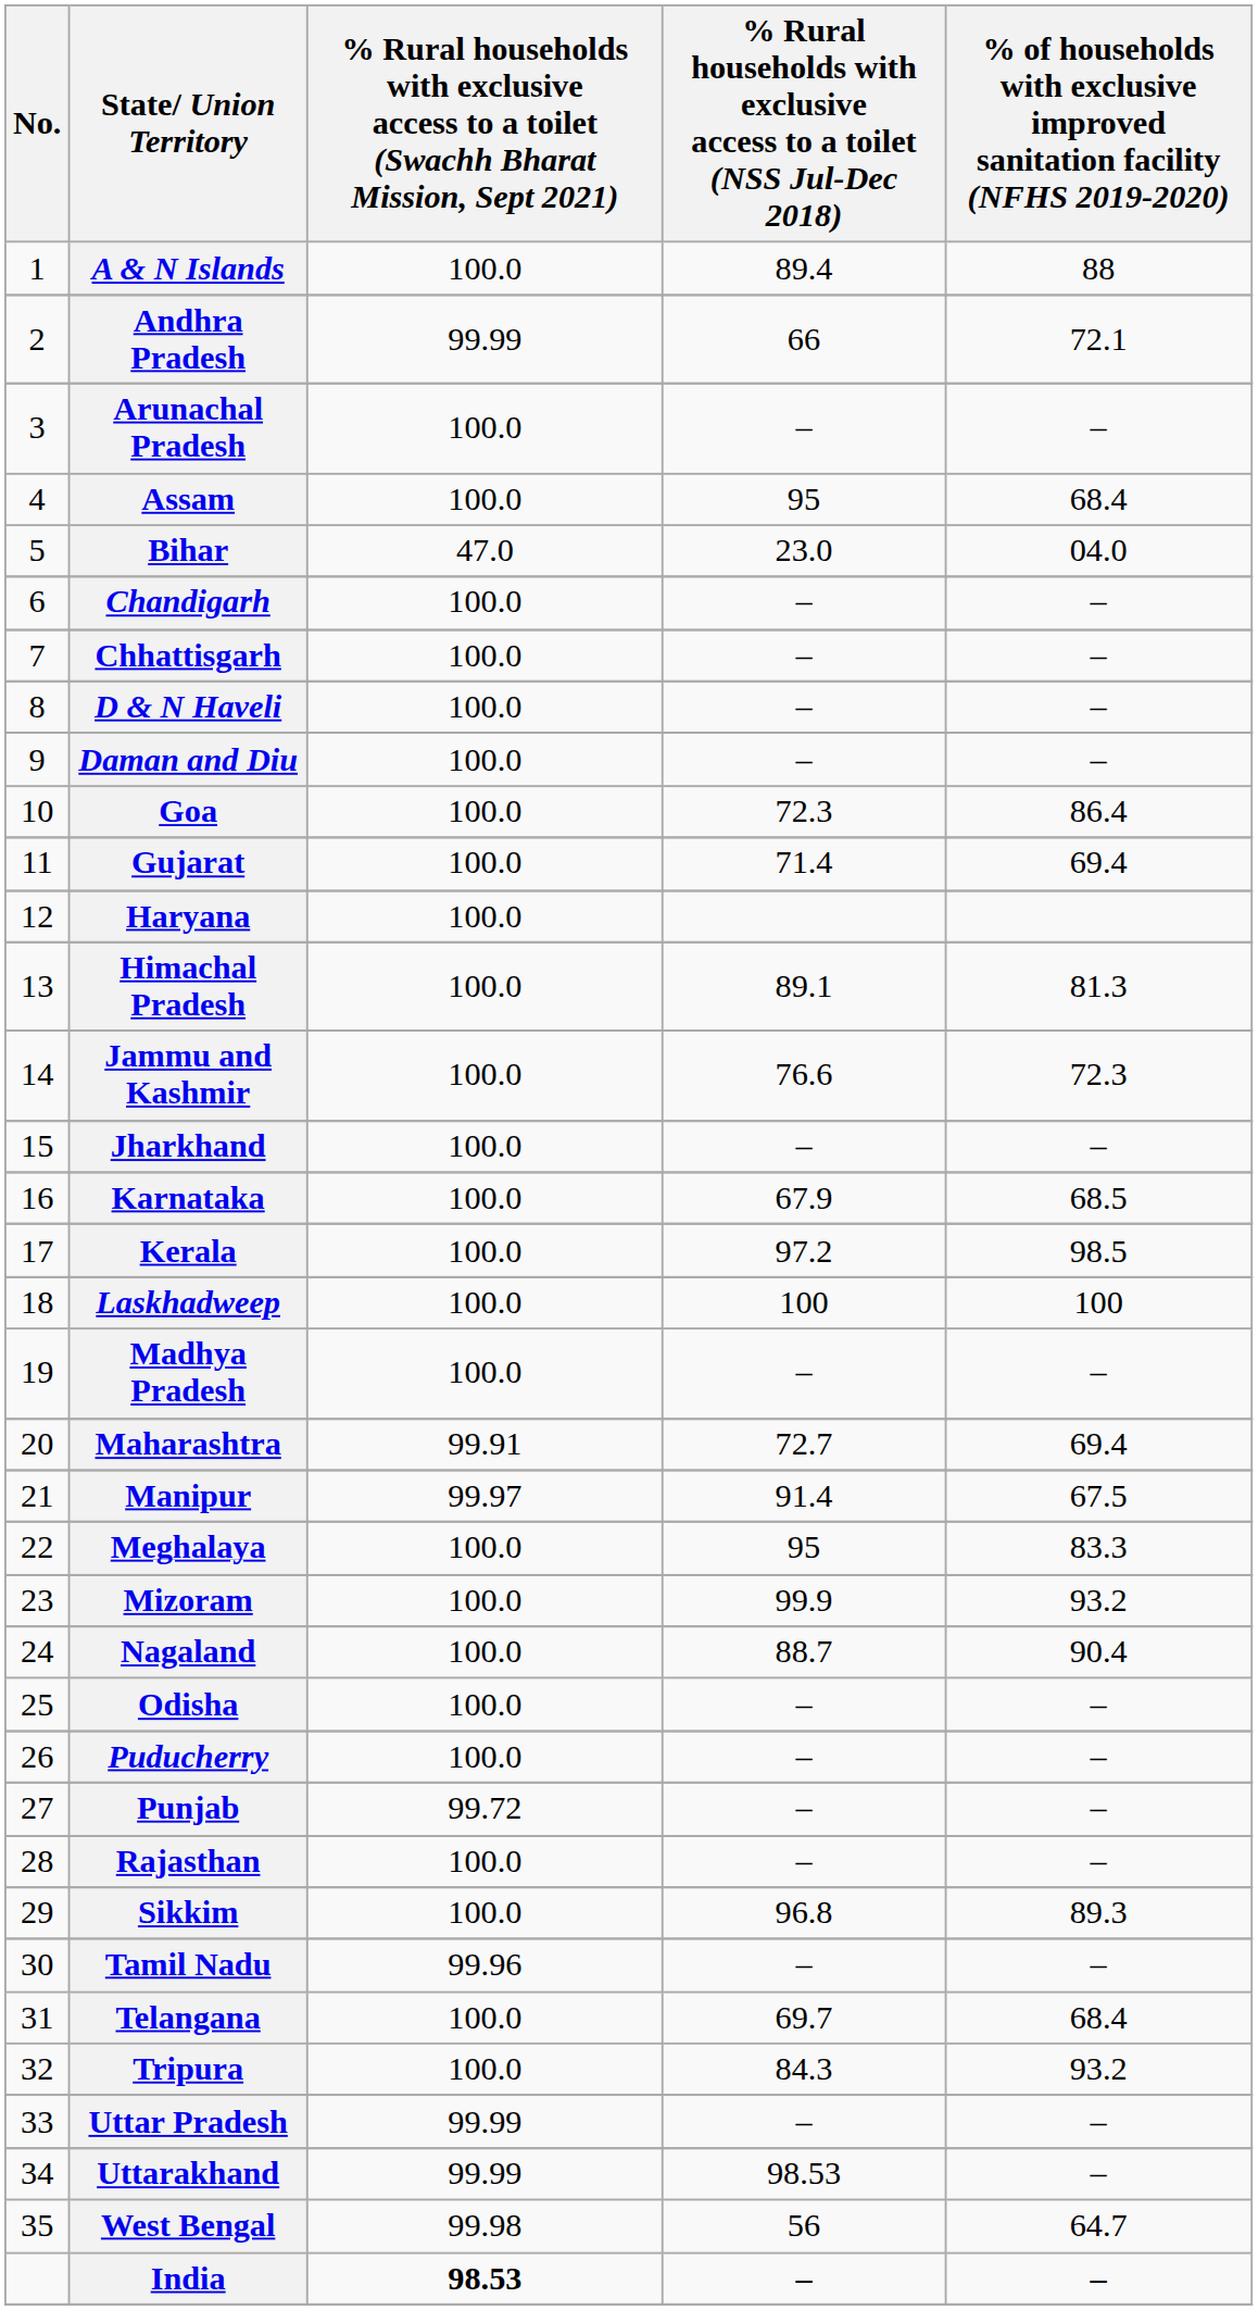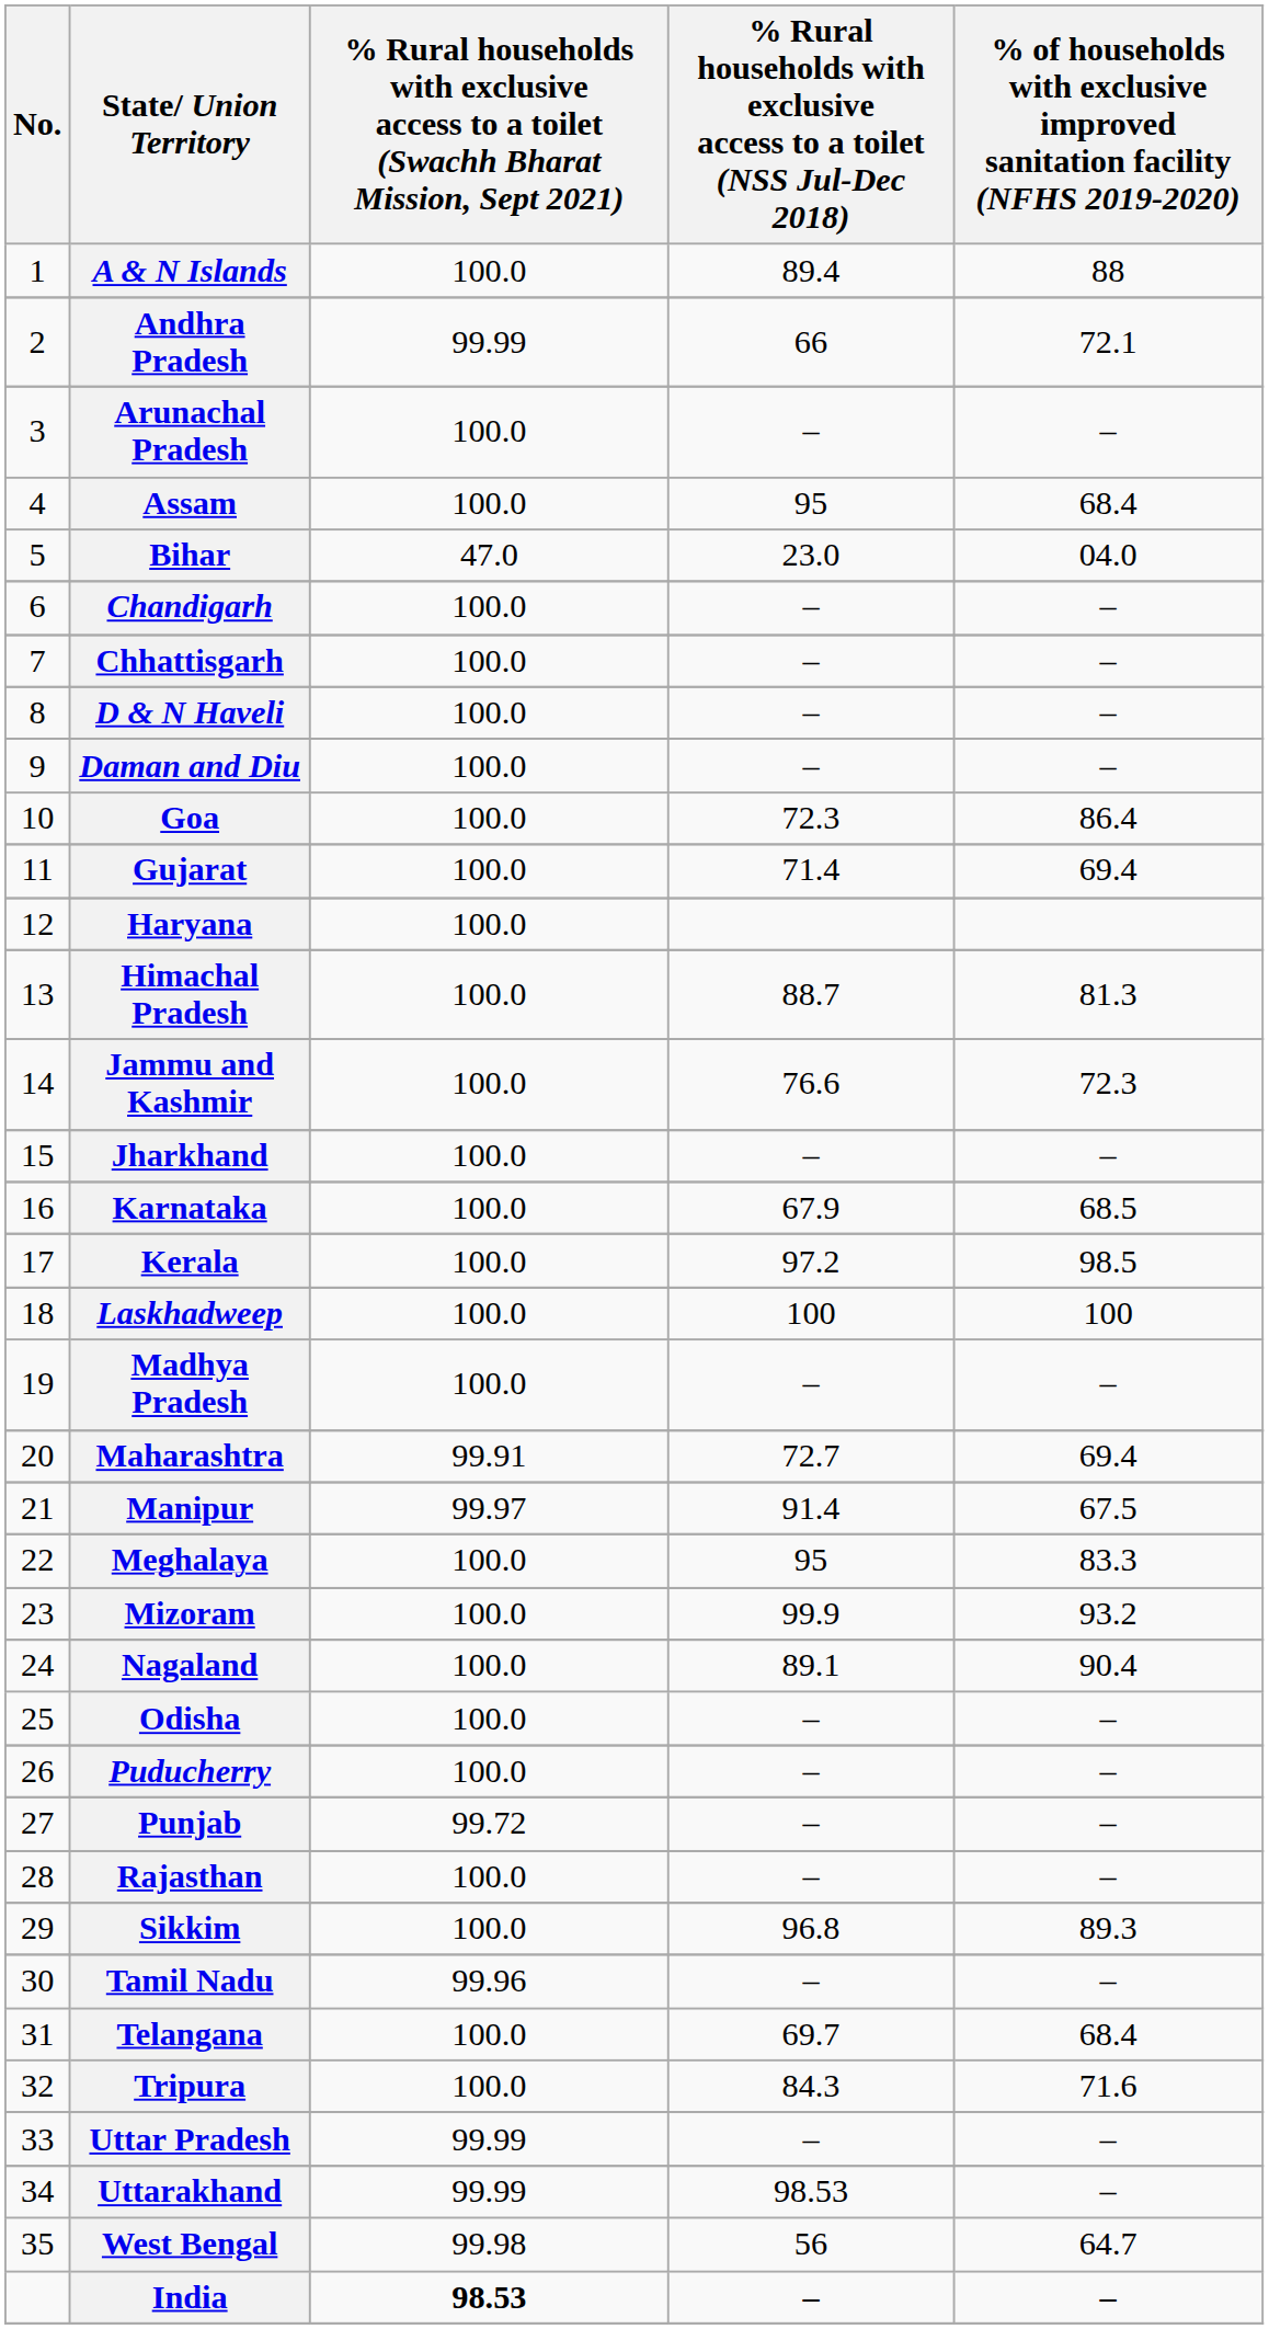 <table class="wikitable sortable" style="text-align: center">
 <tr>
 <th>No.</th>
 <th>State/ <em>Union Territory</em></th>
 <th>% Rural households with exclusive<br>access to a toilet <em>(Swachh Bharat Mission, Sept 2021)</em></th>
 <th>% Rural households with exclusive<br>access to a toilet <em>(NSS Jul-Dec 2018)</em></th>
 <th>% of households with exclusive improved<br>sanitation facility <em>(NFHS 2019-2020)</em></th>
 </tr>
 <tr>
 <td>1</td>
 <th><a href='#'><em>A & N Islands</em></a></th>
 <td>100.0</td>
 <td>89.4</td>
 <td>88</td>
 </tr>
 <tr>
 </tr>
 <tr>
 <td>2</td>
 <th><a href='#'>Andhra Pradesh</a></th>
 <td>99.99</td>
 <td>66</td>
 <td>72.1</td>
 </tr>
 <tr>
 </tr>
 <tr>
 <td>3</td>
 <th><a href='#'>Arunachal Pradesh</a></th>
 <td>100.0</td>
 <td>–</td>
 <td>–</td>
 </tr>
 <tr>
 <td>4</td>
 <th><a href='#'>Assam</a></th>
 <td>100.0</td>
 <td>95</td>
 <td>68.4</td>
 </tr>
 <tr>
 <td>5</td>
 <th><a href='#'>Bihar</a></th>
 <td>47.0</td>
 <td>23.0</td>
 <td>04.0</td>
 </tr>
 <tr>
 </tr>
 <tr>
 <td>6</td>
 <th><em><a href='#'>Chandigarh</a></em></th>
 <td>100.0</td>
 <td>–</td>
 <td>–</td>
 </tr>
 <tr>
 </tr>
 <tr>
 <td>7</td>
 <th><a href='#'>Chhattisgarh</a></th>
 <td>100.0</td>
 <td>–</td>
 <td>–</td>
 </tr>
 <tr>
 </tr>
 <tr>
 <td>8</td>
 <th><a href='#'><em>D & N Haveli</em></a></th>
 <td>100.0</td>
 <td>–</td>
 <td>–</td>
 </tr>
 <tr>
 </tr>
 <tr>
 <td>9</td>
 <th><em><a href='#'>Daman and Diu</a></em></th>
 <td>100.0</td>
 <td>–</td>
 <td>–</td>
 </tr>
 <tr>
 <td>10</td>
 <th><a href='#'>Goa</a></th>
 <td>100.0</td>
 <td>72.3</td>
 <td>86.4</td>
 </tr>
 <tr>
 </tr>
 <tr>
 <td>11</td>
 <th><a href='#'>Gujarat</a></th>
 <td>100.0</td>
 <td>71.4</td>
 <td>69.4</td>
 </tr>
 <tr>
 </tr>
 <tr>
 <td>12</td>
 <th><a href='#'>Haryana</a></th>
 <td>100.0</td>
 <td></td>
 <td></td>
 </tr>
 <tr>
 </tr>
 <tr>
 <td>13</td>
 <th><a href='#'>Himachal Pradesh</a></th>
 <td>100.0</td>
-<td>89.1</td>
+<td>88.7</td>
 <td>81.3</td>
 </tr>
 <tr>
 </tr>
 <tr>
 <td>14</td>
 <th><a href='#'>Jammu and Kashmir</a></th>
 <td>100.0</td>
 <td>76.6</td>
 <td>72.3</td>
 </tr>
 <tr>
 </tr>
 <tr>
 <td>15</td>
 <th><a href='#'>Jharkhand</a></th>
 <td>100.0</td>
 <td>–</td>
 <td>–</td>
 </tr>
 <tr>
 </tr>
 <tr>
 <td>16</td>
 <th><a href='#'>Karnataka</a></th>
 <td>100.0</td>
 <td>67.9</td>
 <td>68.5</td>
 </tr>
 <tr>
 </tr>
 <tr>
 <td>17</td>
 <th><a href='#'>Kerala</a></th>
 <td>100.0</td>
 <td>97.2</td>
 <td>98.5</td>
 </tr>
 <tr>
 </tr>
 <tr>
 <td>18</td>
 <th><a href='#'><em>Laskhadweep</em></a></th>
 <td>100.0</td>
 <td>100</td>
 <td>100</td>
 </tr>
 <tr>
 <td>19</td>
 <th><a href='#'>Madhya Pradesh</a></th>
 <td>100.0</td>
 <td>–</td>
 <td>–</td>
 </tr>
 <tr>
 </tr>
 <tr>
 <td>20</td>
 <th><a href='#'>Maharashtra</a></th>
 <td>99.91</td>
 <td>72.7</td>
 <td>69.4</td>
 </tr>
 <tr>
 </tr>
 <tr>
 <td>21</td>
 <th><a href='#'>Manipur</a></th>
 <td>99.97</td>
 <td>91.4</td>
 <td>67.5</td>
 </tr>
 <tr>
 </tr>
 <tr>
 <td>22</td>
 <th><a href='#'>Meghalaya</a></th>
 <td>100.0</td>
 <td>95</td>
 <td>83.3</td>
 </tr>
 <tr>
 </tr>
 <tr>
 <td>23</td>
 <th><a href='#'>Mizoram</a></th>
 <td>100.0</td>
 <td>99.9</td>
 <td>93.2</td>
 </tr>
 <tr>
 </tr>
 <tr>
 <td>24</td>
 <th><a href='#'>Nagaland</a></th>
 <td>100.0</td>
-<td>88.7</td>
+<td>89.1</td>
 <td>90.4</td>
 </tr>
 <tr>
 <td>25</td>
 <th><a href='#'>Odisha</a></th>
 <td>100.0</td>
 <td>–</td>
 <td>–</td>
 </tr>
 <tr>
 </tr>
 <tr>
 <td>26</td>
 <th><em><a href='#'>Puducherry</a></em></th>
 <td>100.0</td>
 <td>–</td>
 <td>–</td>
 </tr>
 <tr>
 </tr>
 <tr>
 <td>27</td>
 <th><a href='#'>Punjab</a></th>
 <td>99.72</td>
 <td>–</td>
 <td>–</td>
 </tr>
 <tr>
 </tr>
 <tr>
 <td>28</td>
 <th><a href='#'>Rajasthan</a></th>
 <td>100.0</td>
 <td>–</td>
 <td>–</td>
 </tr>
 <tr>
 </tr>
 <tr>
 <td>29</td>
 <th><a href='#'>Sikkim</a></th>
 <td>100.0</td>
 <td>96.8</td>
 <td>89.3</td>
 </tr>
 <tr>
 </tr>
 <tr>
 <td>30</td>
 <th><a href='#'>Tamil Nadu</a></th>
 <td>99.96</td>
 <td>–</td>
 <td>–</td>
 </tr>
 <tr>
 <td>31</td>
 <th><a href='#'>Telangana</a></th>
 <td>100.0</td>
 <td>69.7</td>
 <td>68.4</td>
 </tr>
 <tr>
 <td>32</td>
 <th><a href='#'>Tripura</a></th>
 <td>100.0</td>
 <td>84.3</td>
-<td>93.2</td>
+<td>71.6</td>
 </tr>
 <tr>
 </tr>
 <tr>
 <td>33</td>
 <th><a href='#'>Uttar Pradesh</a></th>
 <td>99.99</td>
 <td>–</td>
 <td>–</td>
 </tr>
 <tr>
 </tr>
 <tr>
 <td>34</td>
 <th><a href='#'>Uttarakhand</a></th>
 <td>99.99</td>
 <td>98.53</td>
 <td>–</td>
 </tr>
 <tr>
 <td>35</td>
 <th><a href='#'>West Bengal</a></th>
 <td>99.98</td>
 <td>56</td>
 <td>64.7</td>
 </tr>
 <tr>
 <td></td>
 <th><a href='#'>India</a></th>
 <td><strong>98.53</strong></td>
 <td><strong>–</strong></td>
 <td><strong>–</strong></td>
 </tr>
 <tr>
 </tr>
 </table>
